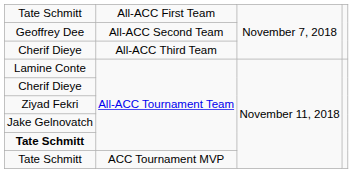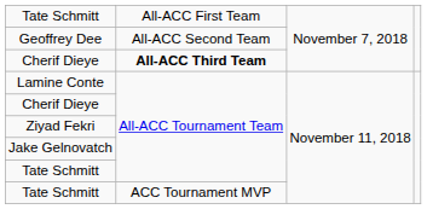 <table class="wikitable sortable" style="text-align: center">
 <tr>
 <td>Tate Schmitt</td>
 <td>All-ACC First Team</td>
 <td rowspan=3>November 7, 2018</td>
 <td rowspan=3></td>
 </tr>
 <tr>
 <td>Geoffrey Dee</td>
 <td>All-ACC Second Team</td>
 </tr>
 <tr>
 <td>Cherif Dieye</td>
-<td>All-ACC Third Team</td>
+<td><strong>All-ACC Third Team</strong></td>
 </tr>
 <tr>
 <td>Lamine Conte</td>
 <td rowspan=5><a href='#'>All-ACC Tournament Team</a></td>
 <td rowspan=6>November 11, 2018</td>
 <td rowspan=6></td>
 </tr>
 <tr>
 <td>Cherif Dieye</td>
 </tr>
 <tr>
 <td>Ziyad Fekri</td>
 </tr>
 <tr>
 <td>Jake Gelnovatch</td>
 </tr>
 <tr>
-<td><strong>Tate Schmitt</strong></td>
+<td>Tate Schmitt</td>
 </tr>
 <tr>
 <td>Tate Schmitt</td>
 <td>ACC Tournament MVP</td>
 </tr>
 </table>
